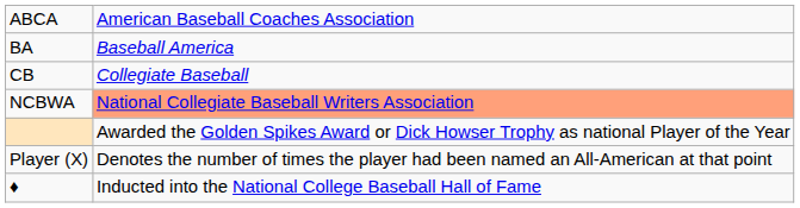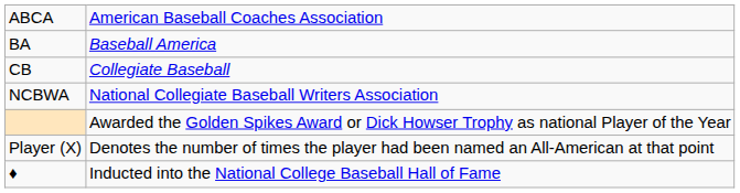 <table class="wikitable">
 <tr>
 <td>ABCA</td>
 <td><a href='#'>American Baseball Coaches Association</a></td>
 </tr>
 <tr>
 <td>BA</td>
 <td><em><a href='#'>Baseball America</a></em></td>
 </tr>
 <tr>
 <td>CB</td>
 <td><em><a href='#'>Collegiate Baseball</a></em></td>
 </tr>
 <tr>
 <td>NCBWA</td>
-<td style="background: lightsalmon;"><a href='#'>National Collegiate Baseball Writers Association</a></td>
+<td><a href='#'>National Collegiate Baseball Writers Association</a></td>
 </tr>
 <tr>
 <td style="background-color:#FFE6BD"></td>
 <td>Awarded the <a href='#'>Golden Spikes Award</a> or <a href='#'>Dick Howser Trophy</a> as national Player of the Year</td>
 </tr>
 <tr>
 <td>Player (X)</td>
 <td>Denotes the number of times the player had been named an All-American at that point</td>
 </tr>
 <tr>
 <td>♦</td>
 <td>Inducted into the <a href='#'>National College Baseball Hall of Fame</a></td>
 </tr>
 </table>
